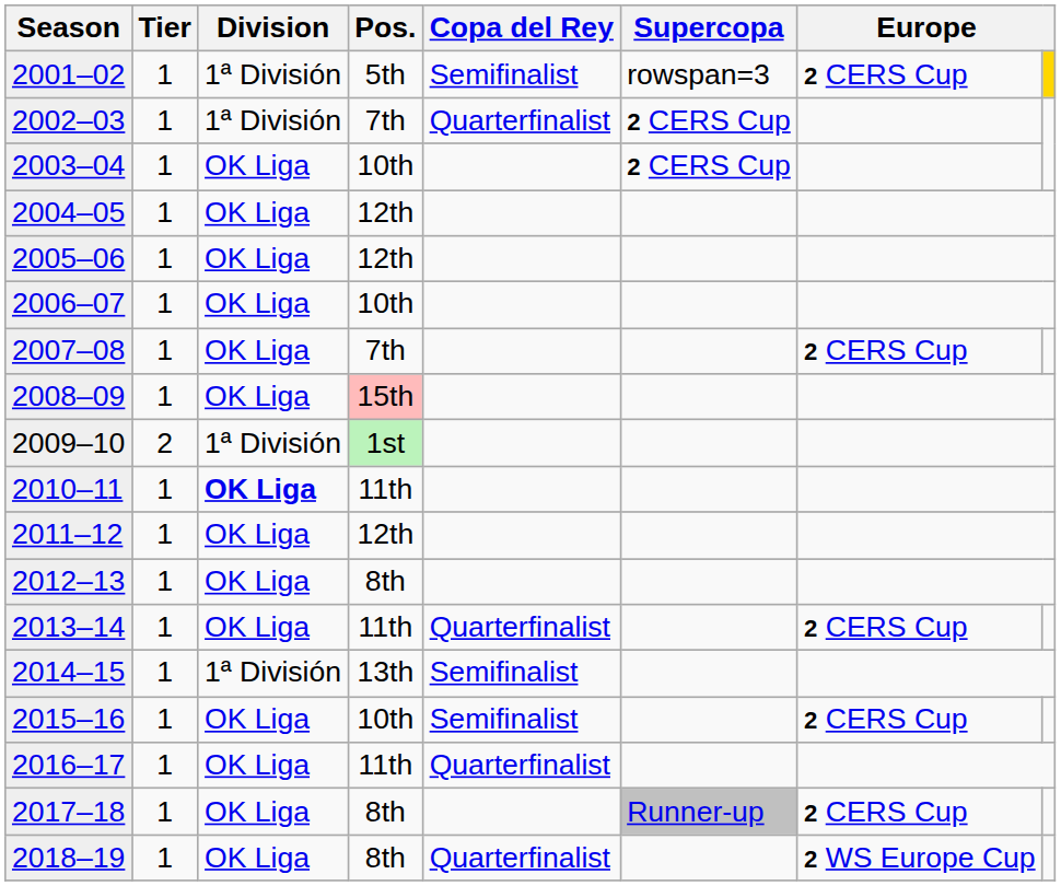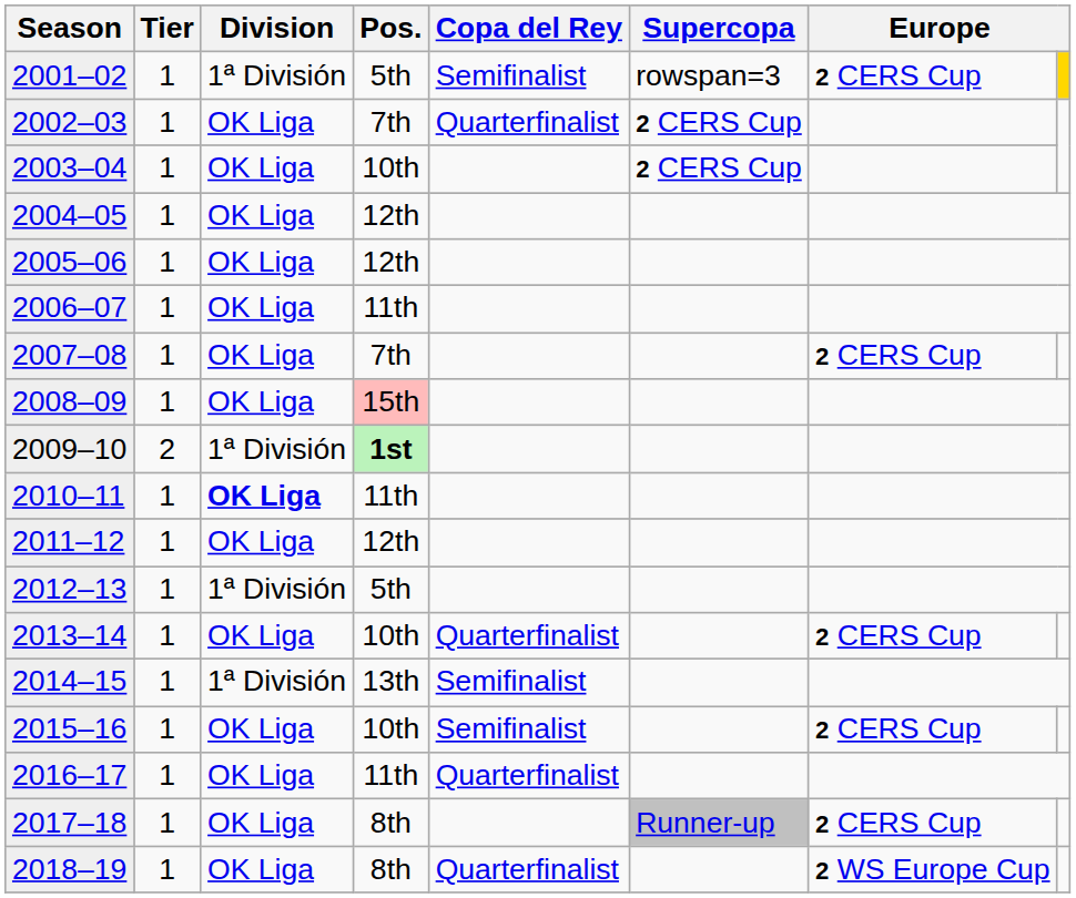 <table class="wikitable">
 <tr>
 <th>Season</th>
 <th>Tier</th>
 <th>Division</th>
 <th>Pos.</th>
 <th><a href='#'>Copa del Rey</a></th>
 <th><a href='#'>Supercopa</a></th>
 <th colspan=2>Europe</th>
 </tr>
 <tr>
 <td style="background:#efefef;"><a href='#'>2001–02</a></td>
 <td align="center">1</td>
 <td>1ª División</td>
 <td align="center">5th</td>
 <td><a href='#'>Semifinalist</a></td>
 <td>rowspan=3 </td>
 <td><small><strong>2</strong></small> <a href='#'>CERS Cup</a></td>
 <td bgcolor=gold align=center></td>
 </tr>
 <tr>
 <td style="background:#efefef;"><a href='#'>2002–03</a></td>
 <td align="center">1</td>
-<td>1ª División</td>
+<td><a href='#'>OK Liga</a></td>
 <td align="center">7th</td>
 <td><a href='#'>Quarterfinalist</a></td>
 <td><small><strong>2</strong></small> <a href='#'>CERS Cup</a></td>
 <td align=center></td>
 </tr>
 <tr>
 <td style="background:#efefef;"><a href='#'>2003–04</a></td>
 <td align="center">1</td>
 <td><a href='#'>OK Liga</a></td>
 <td align="center">10th</td>
 <td></td>
 <td><small><strong>2</strong></small> <a href='#'>CERS Cup</a></td>
 <td align=center></td>
 </tr>
 <tr>
 <td style="background:#efefef;"><a href='#'>2004–05</a></td>
 <td align="center">1</td>
 <td><a href='#'>OK Liga</a></td>
 <td align="center">12th</td>
 <td></td>
 <td></td>
 <td colspan=2></td>
 </tr>
 <tr>
 <td style="background:#efefef;"><a href='#'>2005–06</a></td>
 <td align="center">1</td>
 <td><a href='#'>OK Liga</a></td>
 <td align="center">12th</td>
 <td></td>
 <td></td>
 <td colspan=2></td>
 </tr>
 <tr>
 <td style="background:#efefef;"><a href='#'>2006–07</a></td>
 <td align="center">1</td>
 <td><a href='#'>OK Liga</a></td>
-<td align="center">10th</td>
+<td align="center">11th</td>
 <td></td>
 <td></td>
 <td colspan=2></td>
 </tr>
 <tr>
 <td style="background:#efefef;"><a href='#'>2007–08</a></td>
 <td align="center">1</td>
 <td><a href='#'>OK Liga</a></td>
 <td align="center">7th</td>
 <td></td>
 <td></td>
 <td><small><strong>2</strong></small> <a href='#'>CERS Cup</a></td>
 <td align=center></td>
 </tr>
 <tr>
 <td style="background:#efefef;"><a href='#'>2008–09</a></td>
 <td align="center">1</td>
 <td><a href='#'>OK Liga</a></td>
 <td align="center" bgcolor=#FFBBBB>15th</td>
 <td></td>
 <td></td>
 <td colspan=2></td>
 </tr>
 <tr>
 <td style="background:#efefef;">2009–10</td>
 <td align="center">2</td>
 <td>1ª División</td>
-<td align="center" bgcolor=#BBF3BB>1st</td>
+<td align="center" bgcolor=#BBF3BB><strong>1st</strong></td>
 <td></td>
 <td></td>
 <td colspan=2></td>
 </tr>
 <tr>
 <td style="background:#efefef;"><a href='#'>2010–11</a></td>
 <td align="center">1</td>
 <td><strong><a href='#'>OK Liga</a></strong></td>
 <td align="center">11th</td>
 <td></td>
 <td></td>
 <td colspan=2></td>
 </tr>
 <tr>
 <td style="background:#efefef;"><a href='#'>2011–12</a></td>
 <td align="center">1</td>
 <td><a href='#'>OK Liga</a></td>
 <td align="center">12th</td>
 <td></td>
 <td></td>
 <td colspan=2></td>
 </tr>
 <tr>
 <td style="background:#efefef;"><a href='#'>2012–13</a></td>
 <td align="center">1</td>
-<td><a href='#'>OK Liga</a></td>
-<td align="center">8th</td>
+<td>1ª División</td>
+<td align="center">5th</td>
 <td></td>
 <td></td>
 <td colspan=2></td>
 </tr>
 <tr>
 <td style="background:#efefef;"><a href='#'>2013–14</a></td>
 <td align="center">1</td>
 <td><a href='#'>OK Liga</a></td>
-<td align="center">11th</td>
+<td align="center">10th</td>
 <td><a href='#'>Quarterfinalist</a></td>
 <td></td>
 <td><small><strong>2</strong></small> <a href='#'>CERS Cup</a></td>
 <td align=center></td>
 </tr>
 <tr>
 <td style="background:#efefef;"><a href='#'>2014–15</a></td>
 <td align="center">1</td>
 <td>1ª División</td>
 <td align="center">13th</td>
 <td><a href='#'>Semifinalist</a></td>
 <td></td>
 <td colspan=2></td>
 </tr>
 <tr>
 <td style="background:#efefef;"><a href='#'>2015–16</a></td>
 <td align="center">1</td>
 <td><a href='#'>OK Liga</a></td>
 <td align="center">10th</td>
 <td><a href='#'>Semifinalist</a></td>
 <td></td>
 <td><small><strong>2</strong></small> <a href='#'>CERS Cup</a></td>
 <td align=center></td>
 </tr>
 <tr>
 <td style="background:#efefef;"><a href='#'>2016–17</a></td>
 <td align="center">1</td>
 <td><a href='#'>OK Liga</a></td>
 <td align="center">11th</td>
 <td><a href='#'>Quarterfinalist</a></td>
 <td></td>
 <td colspan=2></td>
 </tr>
 <tr>
 <td style="background:#efefef;"><a href='#'>2017–18</a></td>
 <td align="center">1</td>
 <td><a href='#'>OK Liga</a></td>
 <td align=center>8th</td>
 <td></td>
 <td bgcolor=silver><a href='#'>Runner-up</a></td>
 <td><small><strong>2</strong></small> <a href='#'>CERS Cup</a></td>
 <td align=center></td>
 </tr>
 <tr>
 <td style="background:#efefef;"><a href='#'>2018–19</a></td>
 <td align="center">1</td>
 <td><a href='#'>OK Liga</a></td>
 <td align=center>8th</td>
 <td><a href='#'>Quarterfinalist</a></td>
 <td></td>
 <td><small><strong>2</strong></small> <a href='#'>WS Europe Cup</a></td>
 <td align=center></td>
 </tr>
 </table>
